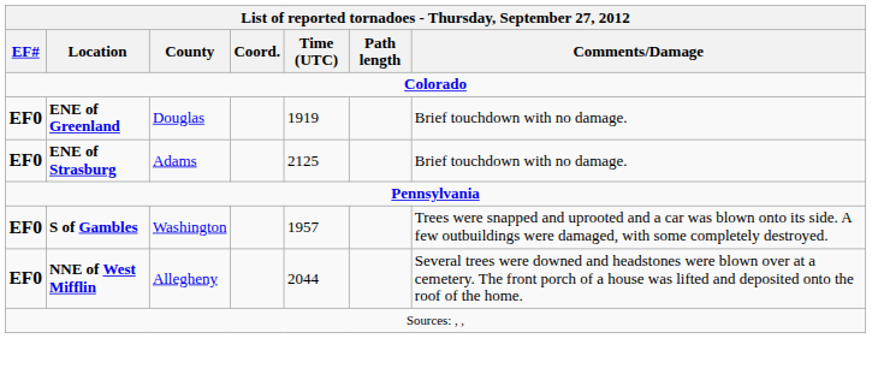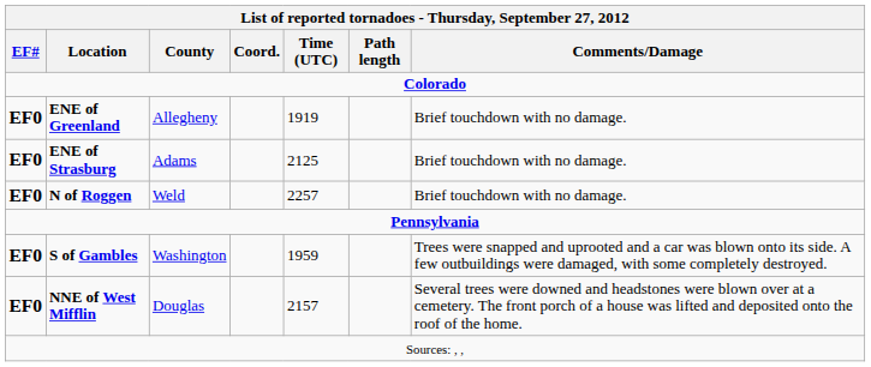 <table class="wikitable collapsible" width="100%">
 <tr>
 <th colspan="7">List of reported tornadoes - Thursday, September 27, 2012</th>
 </tr>
 <tr>
 <th><a href='#'>EF#</a></th>
 <th>Location</th>
 <th>County</th>
 <th>Coord.</th>
 <th>Time (UTC)</th>
 <th>Path length</th>
 <th>Comments/Damage</th>
 </tr>
 <tr>
 <td colspan="7" align=center><strong><a href='#'>Colorado</a></strong></td>
 </tr>
 <tr>
 <td><big><strong>EF0</strong></big></td>
 <td><strong>ENE of <a href='#'>Greenland</a></strong></td>
-<td><a href='#'>Douglas</a></td>
+<td><a href='#'>Allegheny</a></td>
 <td></td>
 <td>1919</td>
 <td></td>
 <td>Brief touchdown with no damage.</td>
 </tr>
 <tr>
 <td><big><strong>EF0</strong></big></td>
 <td><strong>ENE of <a href='#'>Strasburg</a></strong></td>
 <td><a href='#'>Adams</a></td>
 <td></td>
 <td>2125</td>
 <td></td>
 <td>Brief touchdown with no damage.</td>
 </tr>
 <tr>
+<td><big><strong>EF0</strong></big></td>
+<td><strong>N of <a href='#'>Roggen</a></strong></td>
+<td><a href='#'>Weld</a></td>
+<td></td>
+<td>2257</td>
+<td></td>
+<td>Brief touchdown with no damage.</td>
+</tr>
+<tr>
 <td colspan="7" align=center><strong><a href='#'>Pennsylvania</a></strong></td>
 </tr>
 <tr>
 <td><big><strong>EF0</strong></big></td>
 <td><strong>S of <a href='#'>Gambles</a></strong></td>
 <td><a href='#'>Washington</a></td>
 <td></td>
-<td>1957</td>
+<td>1959</td>
 <td></td>
 <td>Trees were snapped and uprooted and a car was blown onto its side. A few outbuildings were damaged, with some completely destroyed.</td>
 </tr>
 <tr>
 <td><big><strong>EF0</strong></big></td>
 <td><strong>NNE of <a href='#'>West Mifflin</a></strong></td>
-<td><a href='#'>Allegheny</a></td>
+<td><a href='#'>Douglas</a></td>
 <td></td>
-<td>2044</td>
+<td>2157</td>
 <td></td>
 <td>Several trees were downed and headstones were blown over at a cemetery. The front porch of a house was lifted and deposited onto the roof of the home.</td>
 </tr>
 <tr>
 <td colspan="7" align=center><small>Sources: , , </small></td>
 </tr>
 </table>
